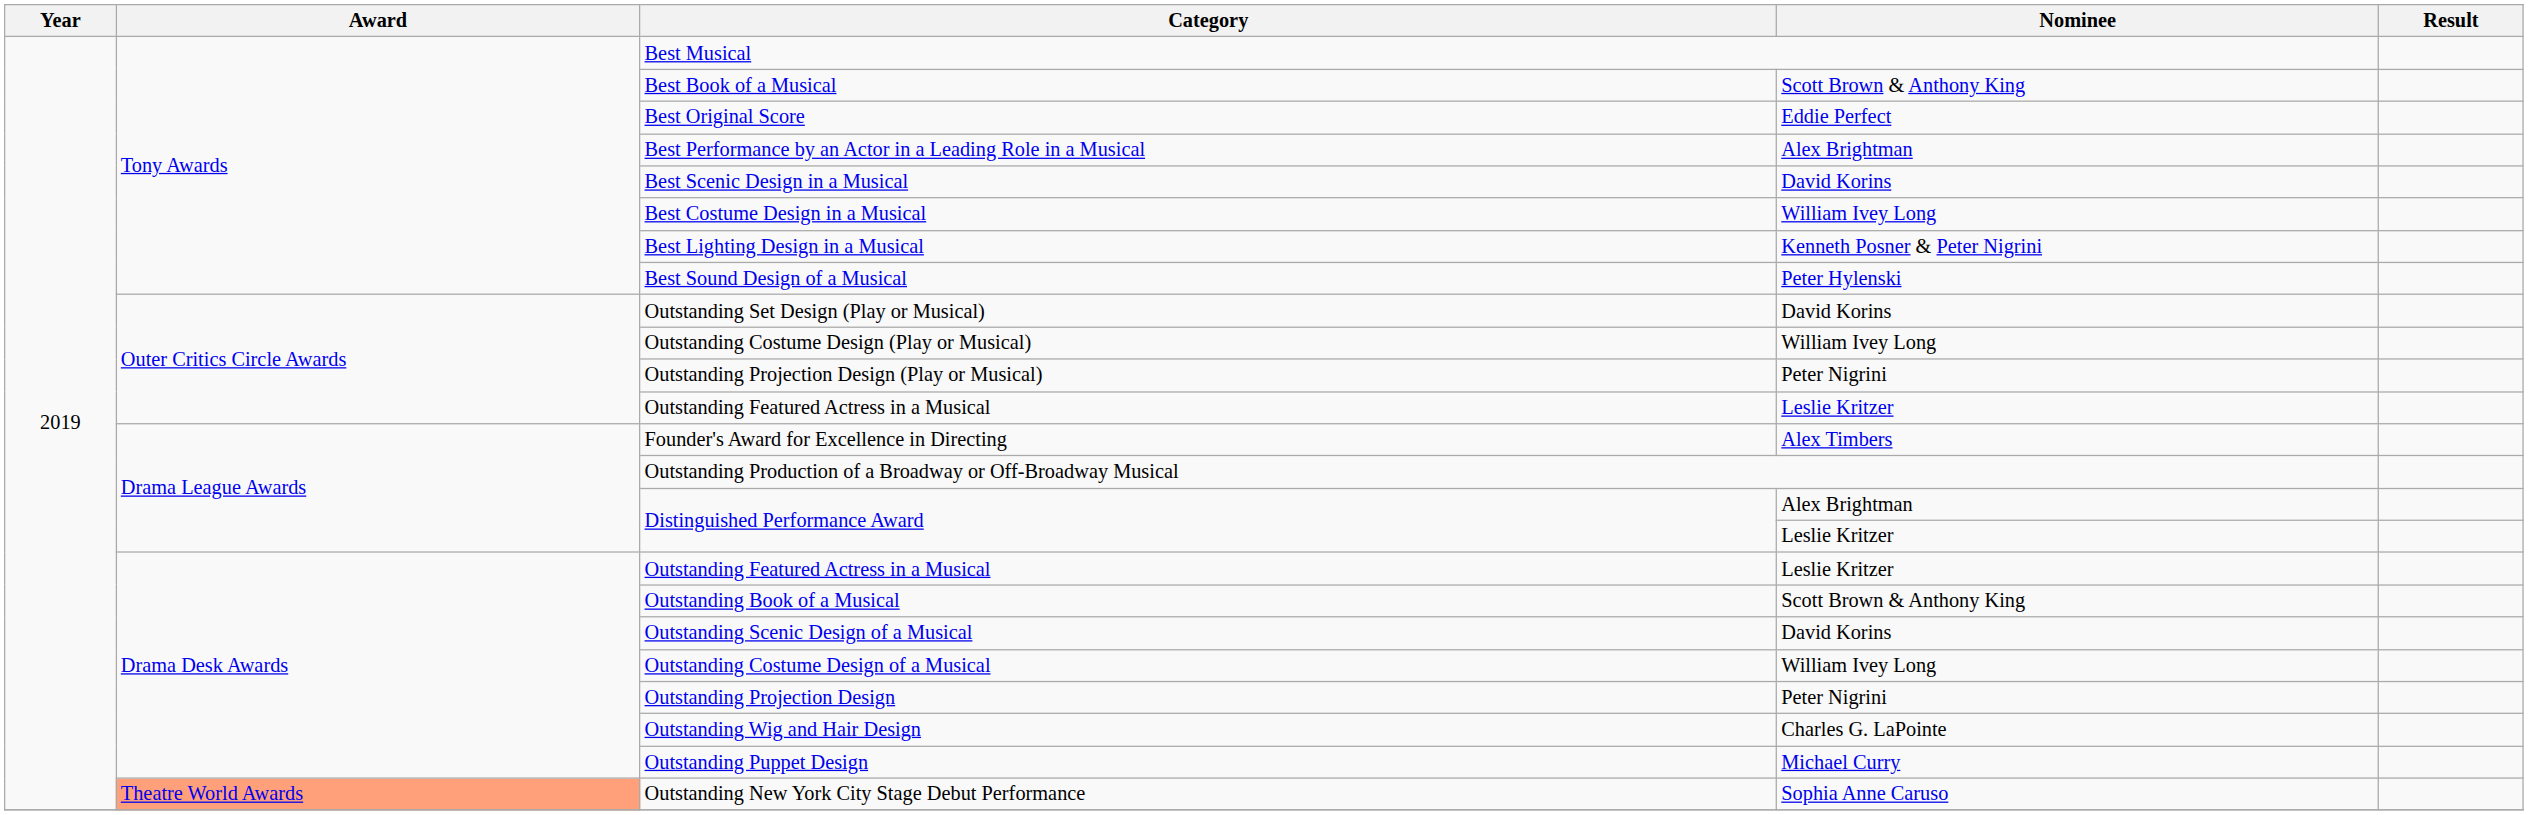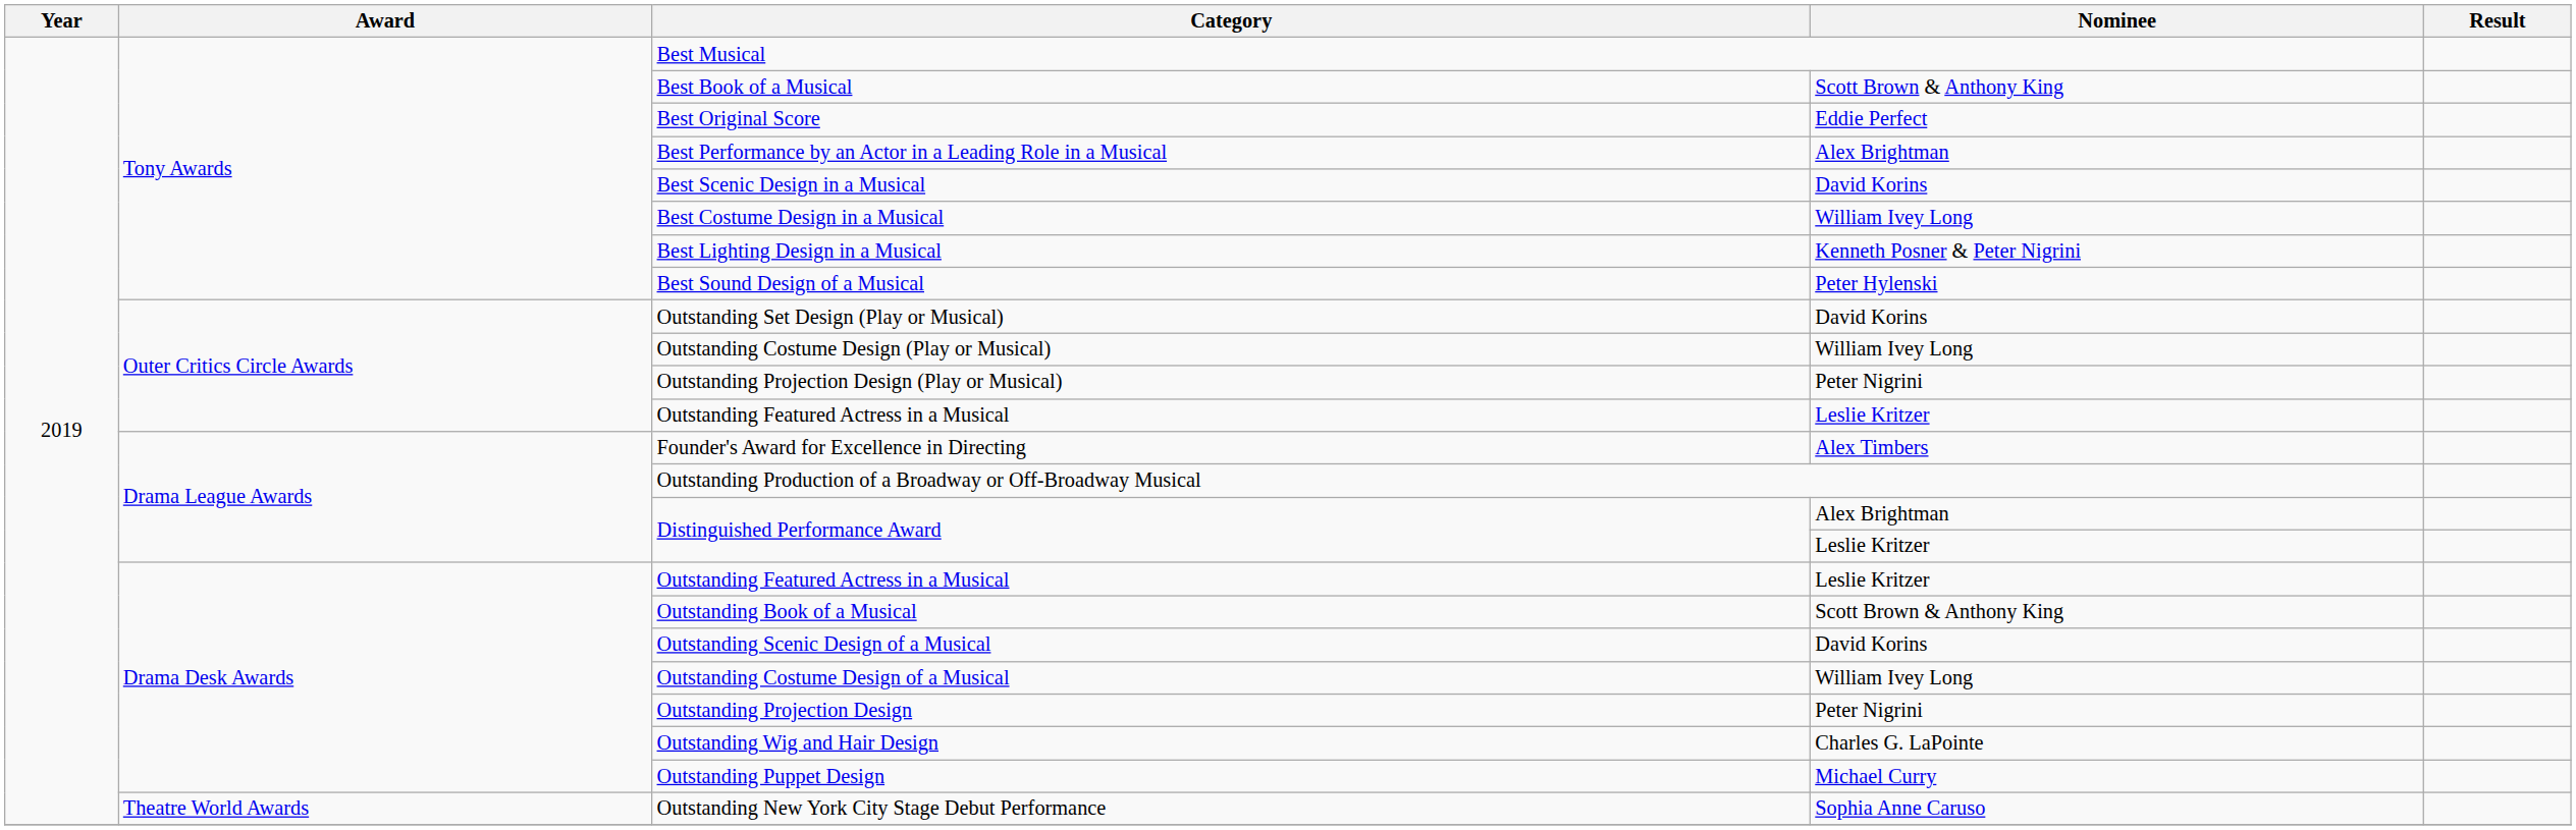 <table class="wikitable" style="width:100%;">
 <tr>
 <th>Year</th>
 <th><strong>Award</strong></th>
 <th><strong>Category</strong></th>
 <th><strong>Nominee</strong></th>
 <th><strong>Result</strong></th>
 </tr>
 <tr>
 <td rowspan="24" style="text-align: center;">2019</td>
 <td rowspan="8"><a href='#'>Tony Awards</a></td>
 <td colspan="2"><a href='#'>Best Musical</a></td>
 <td></td>
 </tr>
 <tr>
 <td><a href='#'>Best Book of a Musical</a></td>
 <td><a href='#'>Scott Brown</a> & <a href='#'>Anthony King</a></td>
 <td></td>
 </tr>
 <tr>
 <td><a href='#'>Best Original Score</a></td>
 <td><a href='#'>Eddie Perfect</a></td>
 <td></td>
 </tr>
 <tr>
 <td><a href='#'>Best Performance by an Actor in a Leading Role in a Musical</a></td>
 <td><a href='#'>Alex Brightman</a></td>
 <td></td>
 </tr>
 <tr>
 <td><a href='#'>Best Scenic Design in a Musical</a></td>
 <td><a href='#'>David Korins</a></td>
 <td></td>
 </tr>
 <tr>
 <td><a href='#'>Best Costume Design in a Musical</a></td>
 <td><a href='#'>William Ivey Long</a></td>
 <td></td>
 </tr>
 <tr>
 <td><a href='#'>Best Lighting Design in a Musical</a></td>
 <td><a href='#'>Kenneth Posner</a> & <a href='#'>Peter Nigrini</a></td>
 <td></td>
 </tr>
 <tr>
 <td><a href='#'>Best Sound Design of a Musical</a></td>
 <td><a href='#'>Peter Hylenski</a></td>
 <td></td>
 </tr>
 <tr>
 <td rowspan="4"><a href='#'>Outer Critics Circle Awards</a></td>
 <td>Outstanding Set Design (Play or Musical)</td>
 <td>David Korins</td>
 <td></td>
 </tr>
 <tr>
 <td>Outstanding Costume Design (Play or Musical)</td>
 <td>William Ivey Long</td>
 <td></td>
 </tr>
 <tr>
 <td>Outstanding Projection Design (Play or Musical)</td>
 <td>Peter Nigrini</td>
 <td></td>
 </tr>
 <tr>
 <td>Outstanding Featured Actress in a Musical</td>
 <td><a href='#'>Leslie Kritzer</a></td>
 <td></td>
 </tr>
 <tr>
 <td rowspan="4"><a href='#'>Drama League Awards</a></td>
 <td>Founder's Award for Excellence in Directing</td>
 <td><a href='#'>Alex Timbers</a></td>
 <td></td>
 </tr>
 <tr>
 <td colspan="2">Outstanding Production of a Broadway or Off-Broadway Musical</td>
 <td></td>
 </tr>
 <tr>
 <td rowspan="2"><a href='#'>Distinguished Performance Award</a></td>
 <td>Alex Brightman</td>
 <td></td>
 </tr>
 <tr>
 <td>Leslie Kritzer</td>
 <td></td>
 </tr>
 <tr>
 <td rowspan="7"><a href='#'>Drama Desk Awards</a></td>
 <td><a href='#'>Outstanding Featured Actress in a Musical</a></td>
 <td>Leslie Kritzer</td>
 <td></td>
 </tr>
 <tr>
 <td><a href='#'>Outstanding Book of a Musical</a></td>
 <td>Scott Brown & Anthony King</td>
 <td></td>
 </tr>
 <tr>
 <td><a href='#'>Outstanding Scenic Design of a Musical</a></td>
 <td>David Korins</td>
 <td></td>
 </tr>
 <tr>
 <td><a href='#'>Outstanding Costume Design of a Musical</a></td>
 <td>William Ivey Long</td>
 <td></td>
 </tr>
 <tr>
 <td><a href='#'>Outstanding Projection Design</a></td>
 <td>Peter Nigrini</td>
 <td></td>
 </tr>
 <tr>
 <td><a href='#'>Outstanding Wig and Hair Design</a></td>
 <td>Charles G. LaPointe</td>
 <td></td>
 </tr>
 <tr>
 <td><a href='#'>Outstanding Puppet Design</a></td>
 <td><a href='#'>Michael Curry</a></td>
 <td></td>
 </tr>
 <tr>
-<td style="background: lightsalmon;"><a href='#'>Theatre World Awards</a></td>
+<td><a href='#'>Theatre World Awards</a></td>
 <td>Outstanding New York City Stage Debut Performance</td>
 <td><a href='#'>Sophia Anne Caruso</a></td>
 <td></td>
 </tr>
 <tr>
 </tr>
 </table>
